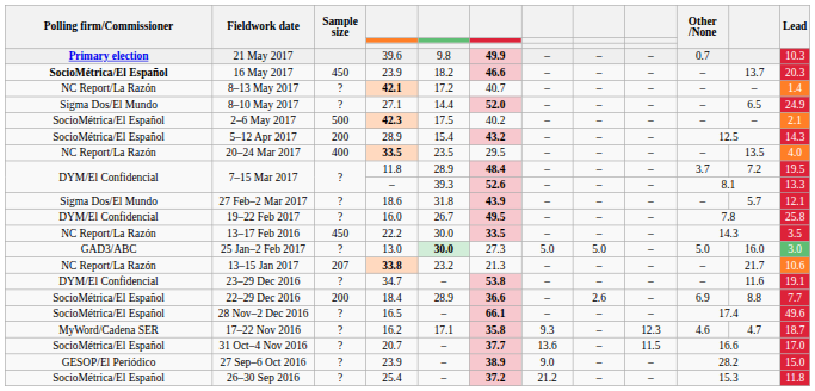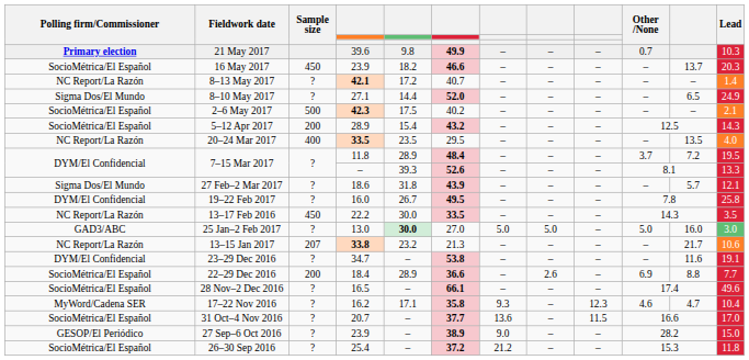 <table class="wikitable collapsible collapsed" style="text-align:center; font-size:90%; line-height:14px;">
 <tr style="height:42px;">
 <th style="width:260px;" rowspan="3">Polling firm/Commissioner</th>
 <th style="width:125px;" rowspan="3">Fieldwork date</th>
 <th style="width:60px;" rowspan="3">Sample size</th>
 <th style="width:60px;"></th>
 <th style="width:60px;"></th>
 <th style="width:60px;"></th>
 <th style="width:60px;"></th>
 <th style="width:60px;"></th>
 <th style="width:60px;"></th>
 <th style="width:60px;" rowspan="3">Other<br>/None</th>
 <th style="width:60px;" rowspan="3"></th>
 <th style="width:30px;" rowspan="3">Lead</th>
 </tr>
 <tr>
 <th style="color:inherit;background:#FF7F27;"></th>
 <th style="color:inherit;background:#5FBE74;"></th>
 <th style="color:inherit;background:#DD2239;"></th>
 <th style="color:inherit;background:"></th>
 <th style="color:inherit;background:"></th>
 <th style="color:inherit;background:"></th>
 </tr>
 <tr>
 <th></th>
 <th></th>
 <th></th>
 <th></th>
 <th></th>
 <th></th>
 </tr>
 <tr style="color:inherit;background:#EFEFEF;">
 <td><strong><a href='#'>Primary election</a></strong></td>
 <td>21 May 2017</td>
 <td></td>
 <td>39.6</td>
 <td>9.8</td>
 <td style="color:inherit;background:#F7C8CE;"><strong>49.9</strong></td>
 <td>–</td>
 <td>–</td>
 <td>–</td>
 <td>0.7</td>
 <td></td>
 <td style="color:inherit;background:#DD2239; color:white;">10.3</td>
 </tr>
 <tr>
-<td><strong>SocioMétrica/El Español</strong></td>
+<td>SocioMétrica/El Español</td>
 <td>16 May 2017</td>
 <td>450</td>
 <td>23.9</td>
 <td>18.2</td>
 <td style="color:inherit;background:#F7C8CE;"><strong>46.6</strong></td>
 <td>–</td>
 <td>–</td>
 <td>–</td>
 <td>–</td>
 <td>13.7</td>
 <td style="color:inherit;background:#DD2239; color:white;">20.3</td>
 </tr>
 <tr>
 <td>NC Report/La Razón</td>
 <td>8–13 May 2017</td>
 <td>?</td>
 <td style="color:inherit;background:#FFD9BF;"><strong>42.1</strong></td>
 <td>17.2</td>
 <td>40.7</td>
 <td>–</td>
 <td>–</td>
 <td>–</td>
 <td>–</td>
 <td>–</td>
 <td style="color:inherit;background:#FF7F27; color:white;">1.4</td>
 </tr>
 <tr>
 <td>Sigma Dos/El Mundo</td>
 <td>8–10 May 2017</td>
 <td>?</td>
 <td>27.1</td>
 <td>14.4</td>
 <td style="color:inherit;background:#F7C8CE;"><strong>52.0</strong></td>
 <td>–</td>
 <td>–</td>
 <td>–</td>
 <td>–</td>
 <td>6.5</td>
 <td style="color:inherit;background:#DD2239; color:white;">24.9</td>
 </tr>
 <tr>
 <td>SocioMétrica/El Español</td>
 <td>2–6 May 2017</td>
 <td>500</td>
 <td style="color:inherit;background:#FFD9BF;"><strong>42.3</strong></td>
 <td>17.5</td>
 <td>40.2</td>
 <td>–</td>
 <td>–</td>
 <td>–</td>
 <td>–</td>
 <td>–</td>
 <td style="color:inherit;background:#FF7F27; color:white;">2.1</td>
 </tr>
 <tr>
 <td>SocioMétrica/El Español</td>
 <td>5–12 Apr 2017</td>
 <td>200</td>
 <td>28.9</td>
 <td>15.4</td>
 <td style="color:inherit;background:#F7C8CE;"><strong>43.2</strong></td>
 <td>–</td>
 <td>–</td>
 <td>–</td>
 <td colspan="2">12.5</td>
 <td style="color:inherit;background:#DD2239; color:white;">14.3</td>
 </tr>
 <tr>
 <td>NC Report/La Razón</td>
 <td>20–24 Mar 2017</td>
 <td>400</td>
 <td style="color:inherit;background:#FFD9BF;"><strong>33.5</strong></td>
 <td>23.5</td>
 <td>29.5</td>
 <td>–</td>
 <td>–</td>
 <td>–</td>
 <td>–</td>
 <td>13.5</td>
 <td style="color:inherit;background:#FF7F27; color:white;">4.0</td>
 </tr>
 <tr>
 <td rowspan="2">DYM/El Confidencial</td>
 <td rowspan="2">7–15 Mar 2017</td>
 <td rowspan="2">?</td>
 <td>11.8</td>
 <td>28.9</td>
 <td style="color:inherit;background:#F7C8CE;"><strong>48.4</strong></td>
 <td>–</td>
 <td>–</td>
 <td>–</td>
 <td>3.7</td>
 <td>7.2</td>
 <td style="color:inherit;background:#DD2239; color:white;">19.5</td>
 </tr>
 <tr>
 <td>–</td>
 <td>39.3</td>
 <td style="color:inherit;background:#F7C8CE;"><strong>52.6</strong></td>
 <td>–</td>
 <td>–</td>
 <td>–</td>
 <td colspan="2">8.1</td>
 <td style="color:inherit;background:#DD2239; color:white;">13.3</td>
 </tr>
 <tr>
 <td>Sigma Dos/El Mundo</td>
 <td>27 Feb–2 Mar 2017</td>
 <td>?</td>
 <td>18.6</td>
 <td>31.8</td>
 <td style="color:inherit;background:#F7C8CE;"><strong>43.9</strong></td>
 <td>–</td>
 <td>–</td>
 <td>–</td>
 <td>–</td>
 <td>5.7</td>
 <td style="color:inherit;background:#DD2239; color:white;">12.1</td>
 </tr>
 <tr>
 <td>DYM/El Confidencial</td>
 <td>19–22 Feb 2017</td>
 <td>?</td>
 <td>16.0</td>
 <td>26.7</td>
 <td style="color:inherit;background:#F7C8CE;"><strong>49.5</strong></td>
 <td>–</td>
 <td>–</td>
 <td>–</td>
 <td colspan="2">7.8</td>
 <td style="color:inherit;background:#DD2239; color:white;">25.8</td>
 </tr>
 <tr>
 <td>NC Report/La Razón</td>
 <td>13–17 Feb 2016</td>
 <td>450</td>
 <td>22.2</td>
 <td>30.0</td>
 <td style="color:inherit;background:#F7C8CE;"><strong>33.5</strong></td>
 <td>–</td>
 <td>–</td>
 <td>–</td>
 <td colspan="2">14.3</td>
 <td style="color:inherit;background:#DD2239; color:white;">3.5</td>
 </tr>
 <tr>
 <td>GAD3/ABC</td>
 <td>25 Jan–2 Feb 2017</td>
 <td>?</td>
 <td>13.0</td>
 <td style="color:inherit;background:#D1EDD8;"><strong>30.0</strong></td>
-<td>27.3</td>
+<td>27.0</td>
 <td>5.0</td>
 <td>5.0</td>
 <td>–</td>
 <td>5.0</td>
 <td>16.0</td>
 <td style="color:inherit;background:#5FBE74; color:white;">3.0</td>
 </tr>
 <tr>
 <td>NC Report/La Razón</td>
 <td>13–15 Jan 2017</td>
 <td>207</td>
 <td style="color:inherit;background:#FFD9BF;"><strong>33.8</strong></td>
 <td>23.2</td>
 <td>21.3</td>
 <td>–</td>
 <td>–</td>
 <td>–</td>
 <td>–</td>
 <td>21.7</td>
 <td style="color:inherit;background:#FF7F27; color:white;">10.6</td>
 </tr>
 <tr>
 <td>DYM/El Confidencial</td>
 <td>23–29 Dec 2016</td>
 <td>?</td>
 <td>34.7</td>
 <td>–</td>
 <td style="color:inherit;background:#F7C8CE;"><strong>53.8</strong></td>
 <td>–</td>
 <td>–</td>
 <td>–</td>
 <td>–</td>
 <td>11.6</td>
 <td style="color:inherit;background:#DD2239; color:white;">19.1</td>
 </tr>
 <tr>
 <td>SocioMétrica/El Español</td>
 <td>22–29 Dec 2016</td>
 <td>200</td>
 <td>18.4</td>
 <td>28.9</td>
 <td style="color:inherit;background:#F7C8CE;"><strong>36.6</strong></td>
 <td>–</td>
 <td>2.6</td>
 <td>–</td>
 <td>6.9</td>
 <td>8.8</td>
 <td style="color:inherit;background:#DD2239; color:white;">7.7</td>
 </tr>
 <tr>
 <td>SocioMétrica/El Español</td>
 <td>28 Nov–2 Dec 2016</td>
 <td>?</td>
 <td>16.5</td>
 <td>–</td>
 <td style="color:inherit;background:#F7C8CE;"><strong>66.1</strong></td>
 <td>–</td>
 <td>–</td>
 <td>–</td>
 <td colspan="2">17.4</td>
 <td style="color:inherit;background:#DD2239; color:white;">49.6</td>
 </tr>
 <tr>
 <td>MyWord/Cadena SER</td>
 <td>17–22 Nov 2016</td>
 <td>?</td>
 <td>16.2</td>
 <td>17.1</td>
 <td style="color:inherit;background:#F7C8CE;"><strong>35.8</strong></td>
 <td>9.3</td>
 <td>–</td>
 <td>12.3</td>
 <td>4.6</td>
 <td>4.7</td>
-<td style="color:inherit;background:#DD2239; color:white;">18.7</td>
+<td style="color:inherit;background:#DD2239; color:white;">10.4</td>
 </tr>
 <tr>
 <td>SocioMétrica/El Español</td>
 <td>31 Oct–4 Nov 2016</td>
 <td>?</td>
 <td>20.7</td>
 <td>–</td>
 <td style="color:inherit;background:#F7C8CE;"><strong>37.7</strong></td>
 <td>13.6</td>
 <td>–</td>
 <td>11.5</td>
 <td colspan="2">16.6</td>
 <td style="color:inherit;background:#DD2239; color:white;">17.0</td>
 </tr>
 <tr>
 <td>GESOP/El Periódico</td>
 <td>27 Sep–6 Oct 2016</td>
 <td>?</td>
 <td>23.9</td>
 <td>–</td>
 <td style="color:inherit;background:#F7C8CE;"><strong>38.9</strong></td>
 <td>9.0</td>
 <td>–</td>
 <td>–</td>
 <td colspan="2">28.2</td>
 <td style="color:inherit;background:#DD2239; color:white;">15.0</td>
 </tr>
 <tr>
 <td>SocioMétrica/El Español</td>
 <td>26–30 Sep 2016</td>
 <td>?</td>
 <td>25.4</td>
 <td>–</td>
 <td style="color:inherit;background:#F7C8CE;"><strong>37.2</strong></td>
 <td>21.2</td>
 <td>–</td>
 <td>–</td>
 <td colspan="2">15.3</td>
 <td style="color:inherit;background:#DD2239; color:white;">11.8</td>
 </tr>
 </table>
